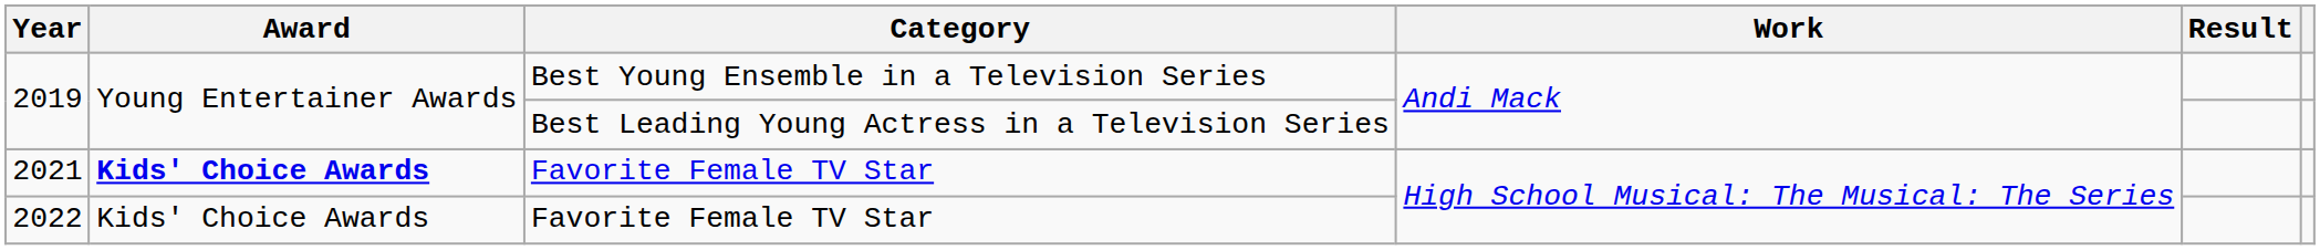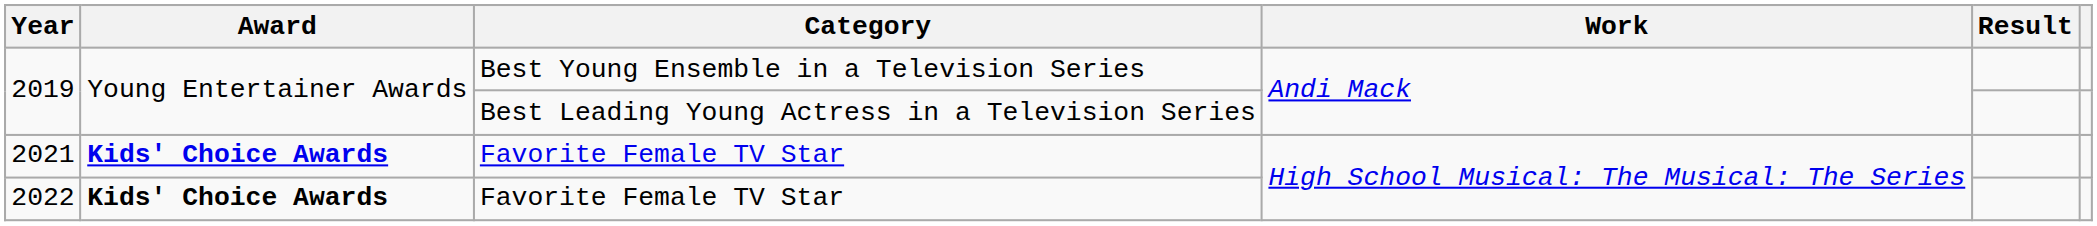 <table class="wikitable plainrowheaders">
 <tr>
 <th>Year</th>
 <th>Award</th>
 <th>Category</th>
 <th>Work</th>
 <th>Result</th>
 <th></th>
 </tr>
 <tr>
 <td rowspan="2">2019</td>
 <td rowspan="2">Young Entertainer Awards</td>
 <td>Best Young Ensemble in a Television Series</td>
 <td rowspan="2"><em><a href='#'>Andi Mack</a></em></td>
 <td></td>
 <td></td>
 </tr>
 <tr>
 <td>Best Leading Young Actress in a Television Series</td>
 <td></td>
 <td></td>
 </tr>
 <tr>
 <td rowspan=“1”>2021</td>
 <td rowspan=“1”><strong><a href='#'>Kids' Choice Awards</a></strong></td>
 <td><a href='#'>Favorite Female TV Star</a></td>
 <td rowspan="2"><em><a href='#'>High School Musical: The Musical: The Series</a></em></td>
 <td></td>
 <td></td>
 </tr>
 <tr>
 <td>2022</td>
-<td>Kids' Choice Awards</td>
+<td><strong>Kids' Choice Awards</strong></td>
 <td>Favorite Female TV Star</td>
 <td></td>
 <td></td>
 </tr>
 </table>
